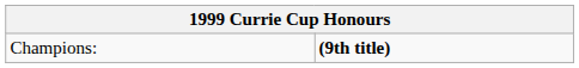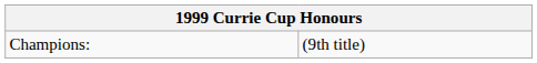 <table class="wikitable" style="text-align:left; font-size:100%; width:40%; margin:1em auto 1em auto;">
 <tr>
 <th colspan=2>1999 Currie Cup Honours</th>
 </tr>
 <tr>
 <td>Champions:</td>
-<td><strong> (9th title)</strong></td>
+<td> (9th title)</td>
 </tr>
 </table>
